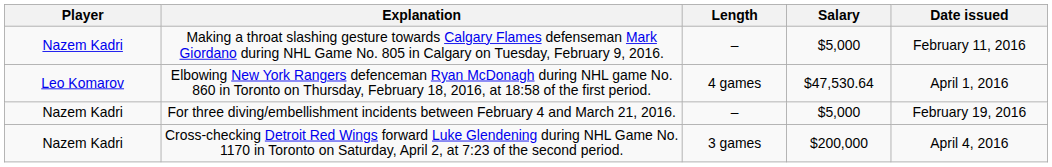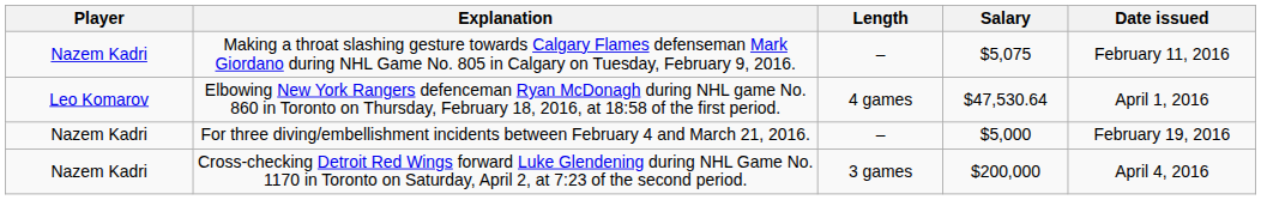 <table class="wikitable" style="width:75em; text-align:center;">
 <tr>
 <th style="width:15%;">Player</th>
 <th style="width:50%;">Explanation</th>
 <th style="width:10%;">Length</th>
 <th style="width:10%;">Salary</th>
 <th style="width:15%;">Date issued</th>
 </tr>
 <tr>
 <td><a href='#'>Nazem Kadri</a></td>
 <td>Making a throat slashing gesture towards <a href='#'>Calgary Flames</a> defenseman <a href='#'>Mark Giordano</a> during NHL Game No. 805 in Calgary on Tuesday, February 9, 2016.</td>
 <td>–</td>
-<td>$5,000</td>
+<td>$5,075</td>
 <td>February 11, 2016</td>
 </tr>
 <tr>
 <td><a href='#'>Leo Komarov</a></td>
 <td>Elbowing <a href='#'>New York Rangers</a> defenceman <a href='#'>Ryan McDonagh</a> during NHL game No. 860 in Toronto on Thursday, February 18, 2016, at 18:58 of the first period.</td>
 <td>4 games</td>
 <td>$47,530.64</td>
 <td>April 1, 2016</td>
 </tr>
 <tr>
 <td>Nazem Kadri</td>
 <td>For three diving/embellishment incidents between February 4 and March 21, 2016.</td>
 <td>–</td>
 <td>$5,000</td>
 <td>February 19, 2016</td>
 </tr>
 <tr>
 <td>Nazem Kadri</td>
 <td>Cross-checking <a href='#'>Detroit Red Wings</a> forward <a href='#'>Luke Glendening</a> during NHL Game No. 1170 in Toronto on Saturday, April 2, at 7:23 of the second period.</td>
 <td>3 games</td>
 <td>$200,000</td>
 <td>April 4, 2016</td>
 </tr>
 </table>
